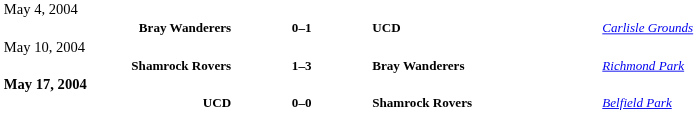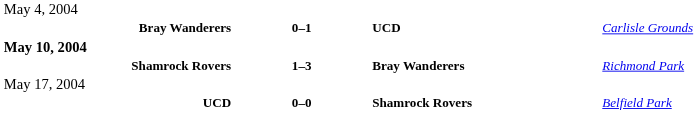 <table width=100% cellspacing=1>
 <tr>
 <th width=20%></th>
 <th width=12%></th>
 <th width=20%></th>
 <th></th>
 </tr>
 <tr>
 <td>May 4, 2004</td>
 </tr>
 <tr style=font-size:90%>
 <td align=right><strong>Bray Wanderers</strong></td>
 <td align=center><strong>0–1</strong></td>
 <td><strong>UCD</strong></td>
 <td><em><a href='#'>Carlisle Grounds</a></em></td>
 </tr>
 <tr>
-<td>May 10, 2004</td>
+<td><strong>May 10, 2004</strong></td>
 </tr>
 <tr style=font-size:90%>
 <td align=right><strong>Shamrock Rovers</strong></td>
 <td align=center><strong>1–3</strong></td>
 <td><strong>Bray Wanderers</strong></td>
 <td><em><a href='#'>Richmond Park</a></em></td>
 </tr>
 <tr>
-<td><strong>May 17, 2004</strong></td>
+<td>May 17, 2004</td>
 </tr>
 <tr style=font-size:90%>
 <td align=right><strong>UCD</strong></td>
 <td align=center><strong>0–0</strong></td>
 <td><strong>Shamrock Rovers</strong></td>
 <td><em><a href='#'>Belfield Park</a></em></td>
 </tr>
 </table>
